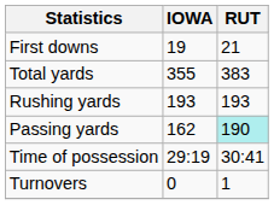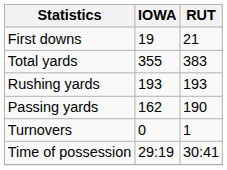 <table class="wikitable">
 <tr>
 <th>Statistics</th>
 <th>IOWA</th>
 <th>RUT</th>
 </tr>
 <tr>
 <td>First downs</td>
 <td>19</td>
 <td>21</td>
 </tr>
 <tr>
 <td>Total yards</td>
 <td>355</td>
 <td>383</td>
 </tr>
 <tr>
 <td>Rushing yards</td>
 <td>193</td>
 <td>193</td>
 </tr>
 <tr>
 <td>Passing yards</td>
 <td>162</td>
-<td style="background: paleturquoise;">190</td>
+<td>190</td>
+</tr>
+<tr>
+<td>Turnovers</td>
+<td>0</td>
+<td>1</td>
 </tr>
 <tr>
 <td>Time of possession</td>
 <td>29:19</td>
 <td>30:41</td>
 </tr>
 <tr>
-<td>Turnovers</td>
-<td>0</td>
-<td>1</td>
-</tr>
-<tr>
 </tr>
 </table>
